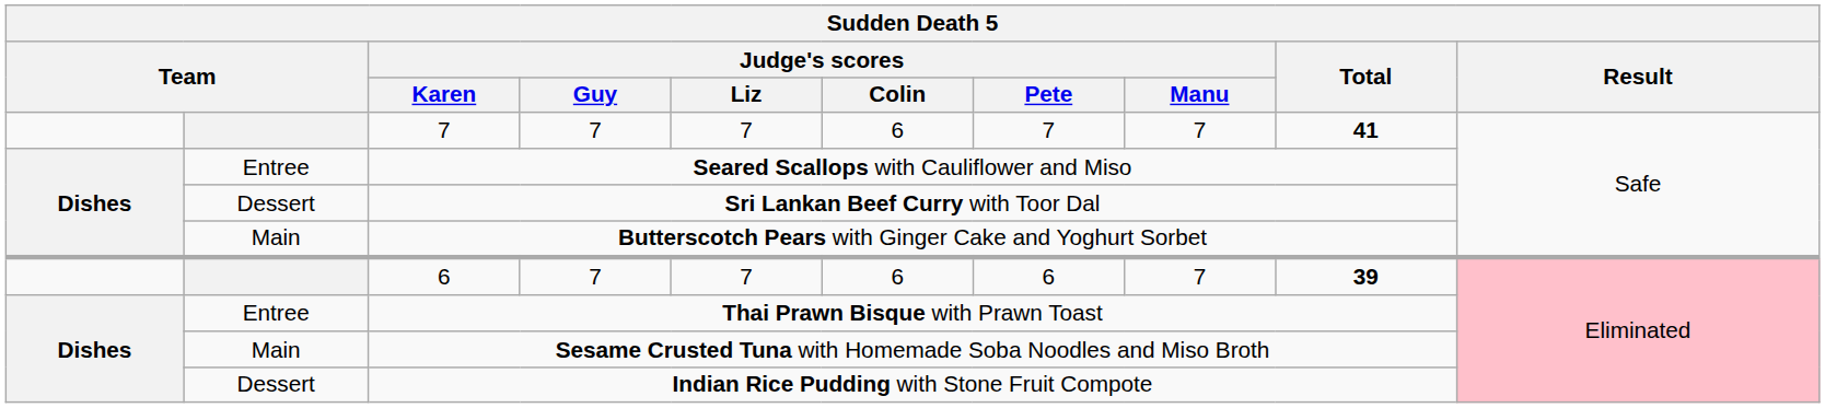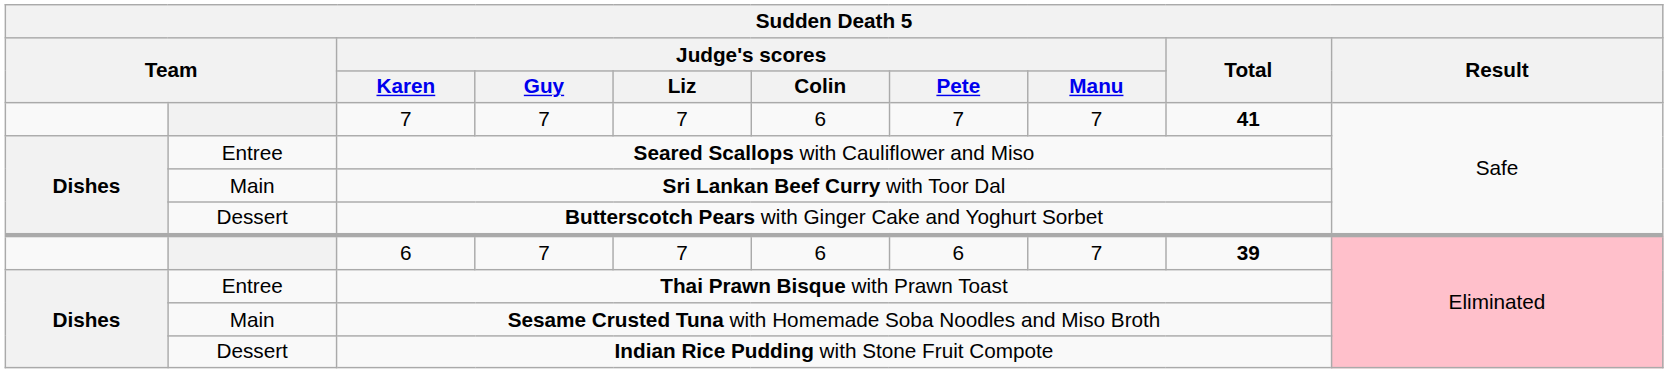 <table class="wikitable plainrowheaders" style="margin: 1em auto; text-align:center; font-size:90%; width:80em;">
 <tr>
 <th colspan="11" >Sudden Death 5</th>
 </tr>
 <tr>
 <th rowspan="2" style="width:20%;" colspan="2">Team</th>
 <th colspan="6" style="width:50%;">Judge's scores</th>
 <th rowspan="2" style="width:10%;">Total<br></th>
 <th rowspan="2" style="width:20%;">Result</th>
 </tr>
 <tr>
 <th style="width:50px;"><a href='#'>Karen</a></th>
 <th style="width:50px;"><a href='#'>Guy</a></th>
 <th style="width:50px;">Liz</th>
 <th style="width:50px;">Colin</th>
 <th style="width:50px;"><a href='#'>Pete</a></th>
 <th style="width:50px;"><a href='#'>Manu</a></th>
 </tr>
 <tr>
 <td></td>
 <th style="text-align:centre"></th>
 <td>7</td>
 <td>7</td>
 <td>7</td>
 <td>6</td>
 <td>7</td>
 <td>7</td>
 <td><strong>41</strong></td>
 <td rowspan="4">Safe</td>
 </tr>
 <tr>
 <th rowspan="3">Dishes</th>
 <td>Entree</td>
 <td colspan="7"><strong>Seared Scallops</strong> with Cauliflower and Miso</td>
 </tr>
 <tr>
-<td>Dessert</td>
+<td>Main</td>
 <td colspan="7"><strong>Sri Lankan Beef Curry</strong> with Toor Dal</td>
 </tr>
 <tr>
-<td>Main</td>
+<td>Dessert</td>
 <td colspan="7"><strong>Butterscotch Pears</strong> with Ginger Cake and Yoghurt Sorbet</td>
 </tr>
 <tr style="border-top:3px solid #aaa;">
 <td></td>
 <th style="text-align:centre"></th>
 <td>6</td>
 <td>7</td>
 <td>7</td>
 <td>6</td>
 <td>6</td>
 <td>7</td>
 <td><strong>39</strong></td>
 <td rowspan="4" style="background:pink">Eliminated</td>
 </tr>
 <tr>
 <th rowspan="3">Dishes</th>
 <td>Entree</td>
 <td colspan="7"><strong>Thai Prawn Bisque</strong> with Prawn Toast</td>
 </tr>
 <tr>
 <td>Main</td>
 <td colspan="7"><strong>Sesame Crusted Tuna</strong> with Homemade Soba Noodles and Miso Broth</td>
 </tr>
 <tr>
 <td>Dessert</td>
 <td colspan="7"><strong>Indian Rice Pudding</strong> with Stone Fruit Compote</td>
 </tr>
 </table>
